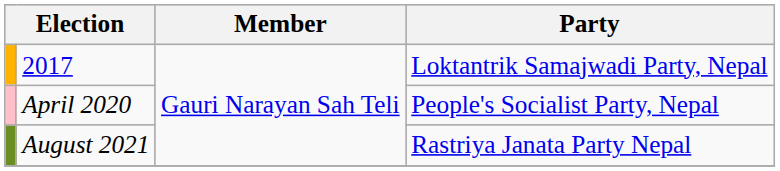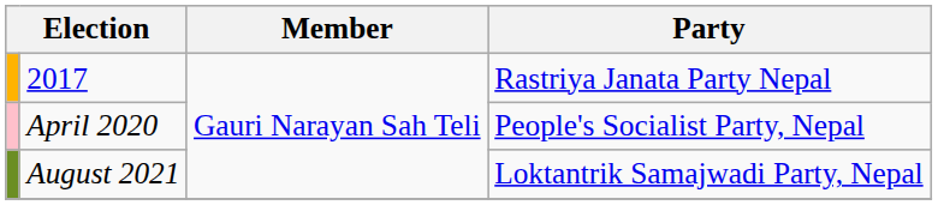 <table class="wikitable">
 <tr>
 <th colspan="2">Election</th>
 <th>Member</th>
 <th>Party</th>
 </tr>
 <tr>
 <td style="background-color:#ffb300"></td>
 <td><a href='#'>2017</a></td>
 <td rowspan="3"><a href='#'>Gauri Narayan Sah Teli</a></td>
-<td><a href='#'>Loktantrik Samajwadi Party, Nepal</a></td>
+<td><a href='#'>Rastriya Janata Party Nepal</a></td>
 </tr>
 <tr>
 <td style="background-color:pink"></td>
 <td><em>April 2020</em></td>
 <td><a href='#'>People's Socialist Party, Nepal</a></td>
 </tr>
 <tr>
 <td style="background-color:olivedrab"></td>
 <td><em>August 2021</em></td>
-<td><a href='#'>Rastriya Janata Party Nepal</a></td>
+<td><a href='#'>Loktantrik Samajwadi Party, Nepal</a></td>
 </tr>
 <tr>
 </tr>
 </table>
